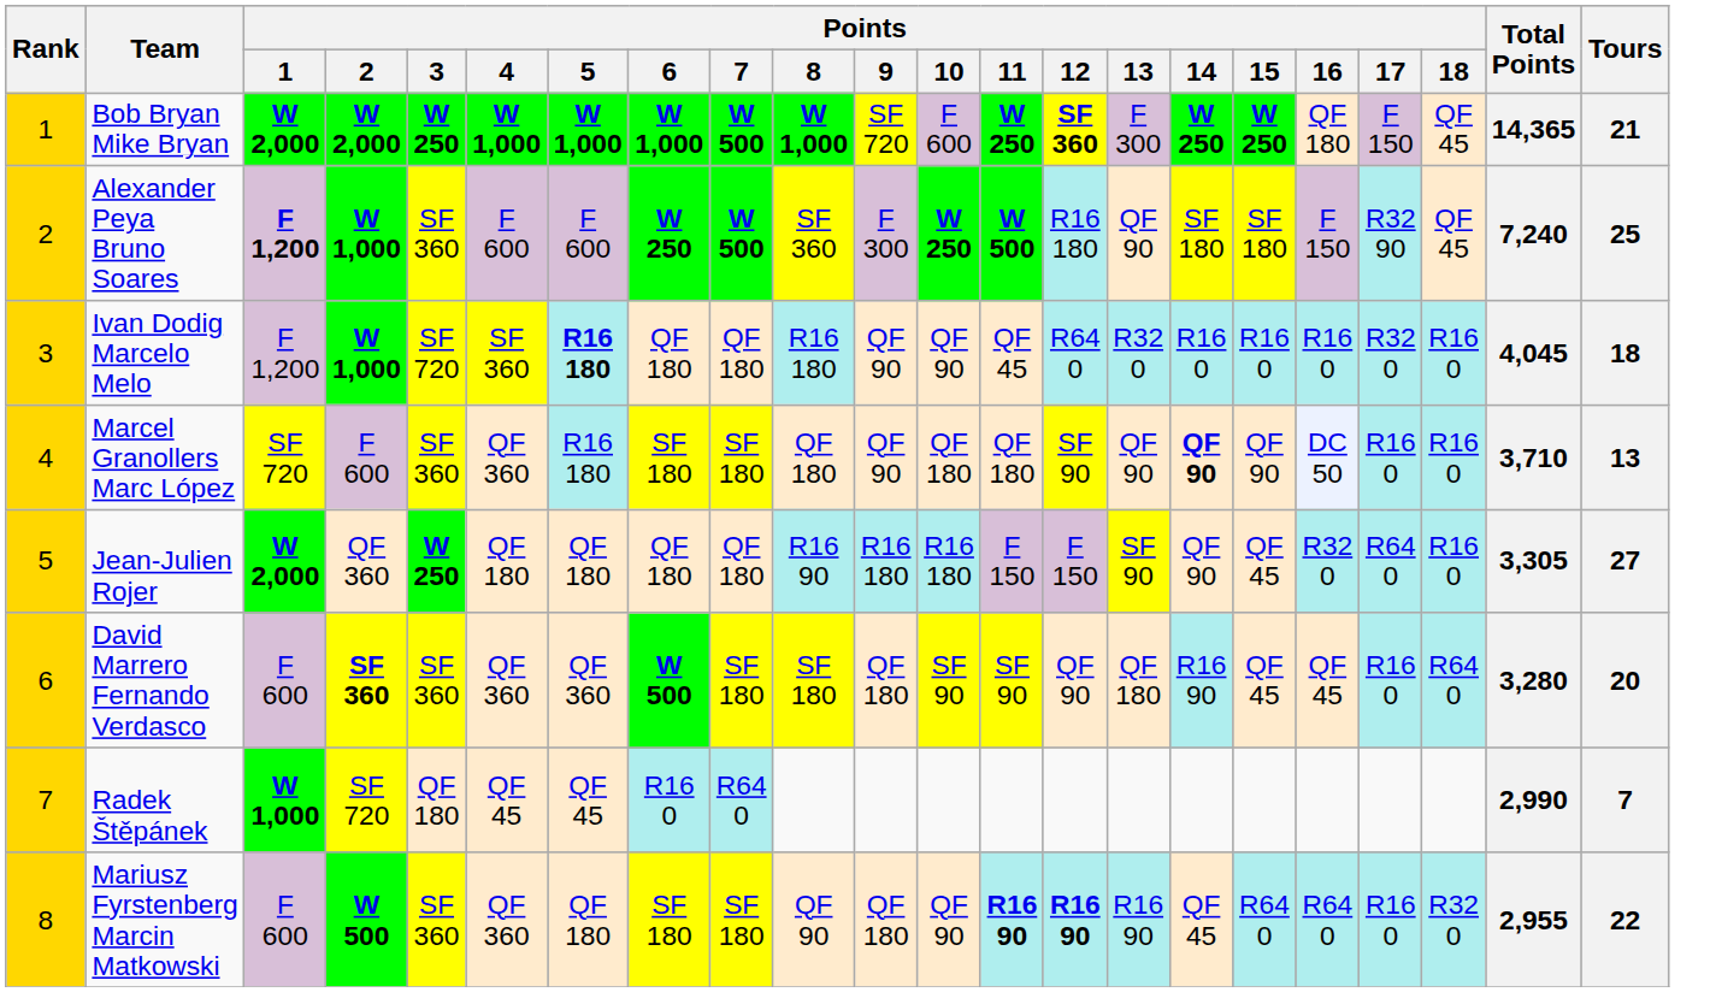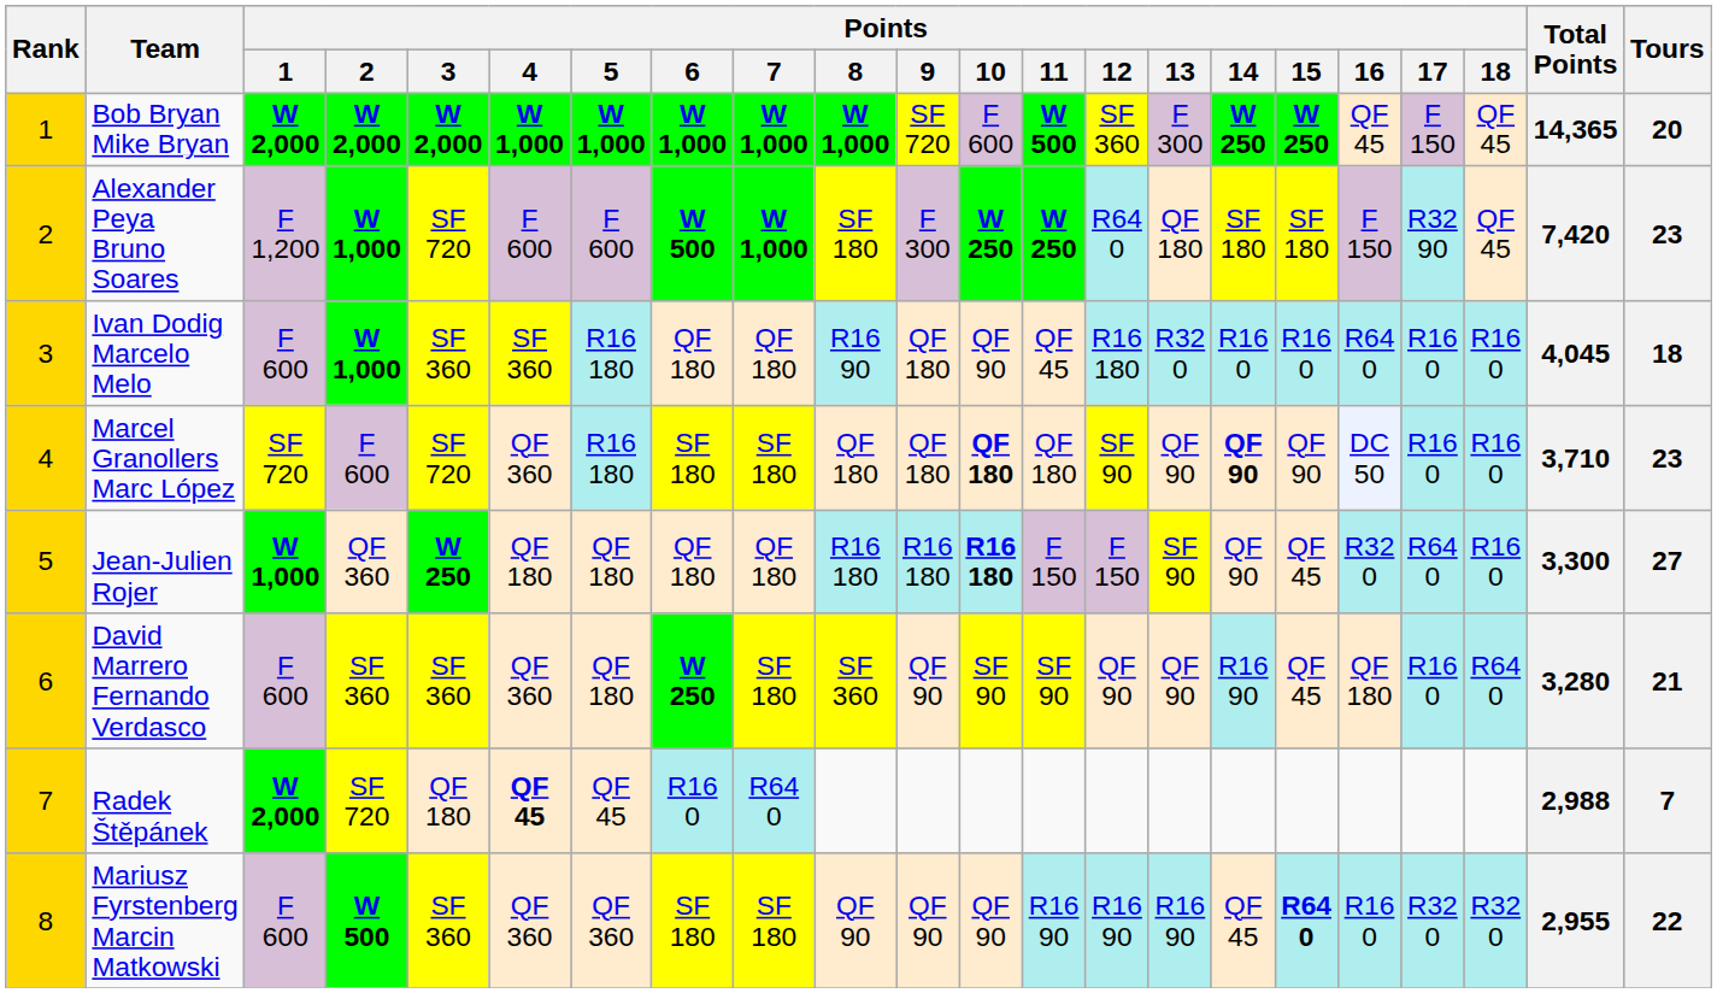 <table class=wikitable style=font-size:90%;text-align:center>
 <tr>
 <th rowspan="2" style="width:20px;">Rank</th>
 <th rowspan="2" style="width:165px;">Team</th>
 <th colspan="18" style="width:50px;">Points</th>
 <th rowspan=2>Total Points</th>
 <th rowspan=2>Tours</th>
 </tr>
 <tr>
 <th width=25>1</th>
 <th width=25>2</th>
 <th width=25>3</th>
 <th width=25>4</th>
 <th width=25>5</th>
 <th width=25>6</th>
 <th width=25>7</th>
 <th width=25>8</th>
 <th width=25>9</th>
 <th width=25>10</th>
 <th width=25>11</th>
 <th width=25>12</th>
 <th width=25>13</th>
 <th width=25>14</th>
 <th width=25>15</th>
 <th width=25>16</th>
 <th width=25>17</th>
 <th width=25>18</th>
 </tr>
 <tr>
 <td bgcolor=gold>1</td>
 <td style="text-align:left;"> <a href='#'>Bob Bryan</a><br> <a href='#'>Mike Bryan</a></td>
 <td bgcolor=lime> <strong><a href='#'>W</a><br>2,000</strong></td>
 <td bgcolor=lime> <strong><a href='#'>W</a><br>2,000</strong></td>
-<td bgcolor=lime> <strong><a href='#'>W</a><br>250</strong></td>
+<td bgcolor=lime> <strong><a href='#'>W</a><br>2,000</strong></td>
 <td bgcolor=lime> <strong><a href='#'>W</a><br>1,000</strong></td>
 <td bgcolor=lime> <strong><a href='#'>W</a><br>1,000</strong></td>
 <td bgcolor=lime> <strong><a href='#'>W</a><br>1,000</strong></td>
-<td bgcolor=lime> <strong><a href='#'>W</a><br>500</strong></td>
+<td bgcolor=lime> <strong><a href='#'>W</a><br>1,000</strong></td>
 <td bgcolor=lime> <strong><a href='#'>W</a><br>1,000</strong></td>
 <td style="background:yellow;"> <a href='#'>SF</a><br>720</td>
 <td style="background:thistle;"> <a href='#'>F</a><br>600</td>
-<td bgcolor=lime> <strong><a href='#'>W</a><br>250</strong></td>
-<td style="background:yellow;"><strong> <a href='#'>SF</a><br>360</strong></td>
+<td bgcolor=lime> <strong><a href='#'>W</a><br>500</strong></td>
+<td style="background:yellow;"> <a href='#'>SF</a><br>360</td>
 <td style="background:thistle;"> <a href='#'>F</a><br>300</td>
 <td bgcolor=lime> <strong><a href='#'>W</a><br>250</strong></td>
 <td bgcolor=lime> <strong><a href='#'>W</a><br>250</strong></td>
-<td style="background:#ffebcd;"> <a href='#'>QF</a><br>180</td>
+<td style="background:#ffebcd;"> <a href='#'>QF</a><br>45</td>
 <td style="background:thistle;"> <a href='#'>F</a><br>150</td>
 <td style="background:#ffebcd;"> <a href='#'>QF</a><br>45</td>
 <th>14,365</th>
-<th>21</th>
+<th>20</th>
 </tr>
 <tr>
 <td bgcolor=gold>2</td>
 <td style="text-align:left;"> <a href='#'>Alexander Peya</a><br> <a href='#'>Bruno Soares</a></td>
-<td style="background:thistle;"><strong> <a href='#'>F</a><br>1,200</strong></td>
+<td style="background:thistle;"> <a href='#'>F</a><br>1,200</td>
 <td bgcolor=lime> <strong><a href='#'>W</a><br>1,000</strong></td>
-<td style="background:yellow;"> <a href='#'>SF</a><br>360</td>
+<td style="background:yellow;"> <a href='#'>SF</a><br>720</td>
 <td style="background:thistle;"> <a href='#'>F</a><br>600</td>
 <td style="background:thistle;"> <a href='#'>F</a><br>600</td>
-<td bgcolor=lime> <strong><a href='#'>W</a><br>250</strong></td>
 <td bgcolor=lime> <strong><a href='#'>W</a><br>500</strong></td>
-<td style="background:yellow;"> <a href='#'>SF</a><br>360</td>
+<td bgcolor=lime> <strong><a href='#'>W</a><br>1,000</strong></td>
+<td style="background:yellow;"> <a href='#'>SF</a><br>180</td>
 <td style="background:thistle;"> <a href='#'>F</a><br>300</td>
 <td bgcolor=lime> <strong><a href='#'>W</a><br>250</strong></td>
-<td bgcolor=lime> <strong><a href='#'>W</a><br>500</strong></td>
-<td style="background:#afeeee;"> <a href='#'>R16</a><br>180</td>
-<td style="background:#ffebcd;"> <a href='#'>QF</a><br>90</td>
+<td bgcolor=lime> <strong><a href='#'>W</a><br>250</strong></td>
+<td style="background:#afeeee;"> <a href='#'>R64</a><br>0</td>
+<td style="background:#ffebcd;"> <a href='#'>QF</a><br>180</td>
 <td style="background:yellow;"> <a href='#'>SF</a><br>180</td>
 <td style="background:yellow;"> <a href='#'>SF</a><br>180</td>
 <td style="background:thistle;"> <a href='#'>F</a><br>150</td>
 <td style="background:#afeeee;"> <a href='#'>R32</a><br>90</td>
 <td style="background:#ffebcd;"> <a href='#'>QF</a><br>45</td>
-<th>7,240</th>
-<th>25</th>
+<th>7,420</th>
+<th>23</th>
 </tr>
 <tr>
 <td bgcolor=gold>3</td>
 <td style="text-align:left;"> <a href='#'>Ivan Dodig</a><br> <a href='#'>Marcelo Melo</a></td>
-<td style="background:thistle;"> <a href='#'>F</a><br>1,200</td>
+<td style="background:thistle;"> <a href='#'>F</a><br>600</td>
 <td bgcolor=lime> <strong><a href='#'>W</a><br>1,000</strong></td>
-<td style="background:yellow;"> <a href='#'>SF</a><br>720</td>
 <td style="background:yellow;"> <a href='#'>SF</a><br>360</td>
-<td style="background:#afeeee;"><strong> <a href='#'>R16</a><br>180</strong></td>
+<td style="background:yellow;"> <a href='#'>SF</a><br>360</td>
+<td style="background:#afeeee;"> <a href='#'>R16</a><br>180</td>
 <td style="background:#ffebcd;"> <a href='#'>QF</a><br>180</td>
 <td style="background:#ffebcd;"> <a href='#'>QF</a><br>180</td>
-<td style="background:#afeeee;"> <a href='#'>R16</a><br>180</td>
-<td style="background:#ffebcd;"> <a href='#'>QF</a><br>90</td>
+<td style="background:#afeeee;"> <a href='#'>R16</a><br>90</td>
+<td style="background:#ffebcd;"> <a href='#'>QF</a><br>180</td>
 <td style="background:#ffebcd;"> <a href='#'>QF</a><br>90</td>
 <td style="background:#ffebcd;"> <a href='#'>QF</a><br>45</td>
-<td style="background:#afeeee;"> <a href='#'>R64</a><br>0</td>
+<td style="background:#afeeee;"> <a href='#'>R16</a><br>180</td>
 <td style="background:#afeeee;"> <a href='#'>R32</a><br>0</td>
 <td style="background:#afeeee;"> <a href='#'>R16</a><br>0</td>
 <td style="background:#afeeee;"> <a href='#'>R16</a><br>0</td>
+<td style="background:#afeeee;"> <a href='#'>R64</a><br>0</td>
 <td style="background:#afeeee;"> <a href='#'>R16</a><br>0</td>
-<td style="background:#afeeee;"> <a href='#'>R32</a><br>0</td>
 <td style="background:#afeeee;"> <a href='#'>R16</a><br>0</td>
 <th>4,045</th>
 <th>18</th>
 </tr>
 <tr>
 <td bgcolor=gold>4</td>
 <td style="text-align:left;"> <a href='#'>Marcel Granollers</a><br> <a href='#'>Marc López</a></td>
 <td style="background:yellow;"> <a href='#'>SF</a><br>720</td>
 <td style="background:thistle;"> <a href='#'>F</a><br>600</td>
-<td style="background:yellow;"> <a href='#'>SF</a><br>360</td>
+<td style="background:yellow;"> <a href='#'>SF</a><br>720</td>
 <td style="background:#ffebcd;"> <a href='#'>QF</a><br>360</td>
 <td style="background:#afeeee;"> <a href='#'>R16</a><br>180</td>
 <td style="background:yellow;"> <a href='#'>SF</a><br>180</td>
 <td style="background:yellow;"> <a href='#'>SF</a><br>180</td>
 <td style="background:#ffebcd;"> <a href='#'>QF</a><br>180</td>
-<td style="background:#ffebcd;"> <a href='#'>QF</a><br>90</td>
 <td style="background:#ffebcd;"> <a href='#'>QF</a><br>180</td>
+<td style="background:#ffebcd;"><strong> <a href='#'>QF</a><br>180</strong></td>
 <td style="background:#ffebcd;"> <a href='#'>QF</a><br>180</td>
 <td style="background:yellow;"> <a href='#'>SF</a><br>90</td>
 <td style="background:#ffebcd;"> <a href='#'>QF</a><br>90</td>
 <td style="background:#ffebcd;"><strong> <a href='#'>QF</a><br>90</strong></td>
 <td style="background:#ffebcd;"> <a href='#'>QF</a><br>90</td>
 <td bgcolor=ECF2FF> <a href='#'>DC</a><br>50</td>
 <td style="background:#afeeee;"> <a href='#'>R16</a><br>0</td>
 <td style="background:#afeeee;"> <a href='#'>R16</a><br>0</td>
 <th>3,710</th>
-<th>13</th>
+<th>23</th>
 </tr>
 <tr>
 <td bgcolor=gold>5</td>
 <td style="text-align:left;"><br> <a href='#'>Jean-Julien Rojer</a></td>
-<td bgcolor=lime> <strong><a href='#'>W</a><br>2,000</strong></td>
+<td bgcolor=lime> <strong><a href='#'>W</a><br>1,000</strong></td>
 <td style="background:#ffebcd;"> <a href='#'>QF</a><br>360</td>
 <td bgcolor=lime> <strong><a href='#'>W</a><br>250</strong></td>
 <td style="background:#ffebcd;"> <a href='#'>QF</a><br>180</td>
 <td style="background:#ffebcd;"> <a href='#'>QF</a><br>180</td>
 <td style="background:#ffebcd;"> <a href='#'>QF</a><br>180</td>
 <td style="background:#ffebcd;"> <a href='#'>QF</a><br>180</td>
-<td style="background:#afeeee;"> <a href='#'>R16</a><br>90</td>
 <td style="background:#afeeee;"> <a href='#'>R16</a><br>180</td>
 <td style="background:#afeeee;"> <a href='#'>R16</a><br>180</td>
+<td style="background:#afeeee;"><strong> <a href='#'>R16</a><br>180</strong></td>
 <td style="background:thistle;"> <a href='#'>F</a><br>150</td>
 <td style="background:thistle;"> <a href='#'>F</a><br>150</td>
 <td style="background:yellow;"> <a href='#'>SF</a><br>90</td>
 <td style="background:#ffebcd;"> <a href='#'>QF</a><br>90</td>
 <td style="background:#ffebcd;"> <a href='#'>QF</a><br>45</td>
 <td style="background:#afeeee;"> <a href='#'>R32</a><br>0</td>
 <td style="background:#afeeee;"> <a href='#'>R64</a><br>0</td>
 <td style="background:#afeeee;"> <a href='#'>R16</a><br>0</td>
-<th>3,305</th>
+<th>3,300</th>
 <th>27</th>
 </tr>
 <tr>
 <td bgcolor=gold>6</td>
 <td style="text-align:left;"> <a href='#'>David Marrero</a><br> <a href='#'>Fernando Verdasco</a></td>
 <td style="background:thistle;"> <a href='#'>F</a><br>600</td>
-<td style="background:yellow;"><strong> <a href='#'>SF</a><br>360</strong></td>
+<td style="background:yellow;"> <a href='#'>SF</a><br>360</td>
 <td style="background:yellow;"> <a href='#'>SF</a><br>360</td>
 <td style="background:#ffebcd;"> <a href='#'>QF</a><br>360</td>
-<td style="background:#ffebcd;"> <a href='#'>QF</a><br>360</td>
-<td bgcolor=lime> <strong><a href='#'>W</a><br>500</strong></td>
+<td style="background:#ffebcd;"> <a href='#'>QF</a><br>180</td>
+<td bgcolor=lime> <strong><a href='#'>W</a><br>250</strong></td>
 <td style="background:yellow;"> <a href='#'>SF</a><br>180</td>
-<td style="background:yellow;"> <a href='#'>SF</a><br>180</td>
-<td style="background:#ffebcd;"> <a href='#'>QF</a><br>180</td>
+<td style="background:yellow;"> <a href='#'>SF</a><br>360</td>
+<td style="background:#ffebcd;"> <a href='#'>QF</a><br>90</td>
 <td style="background:yellow;"> <a href='#'>SF</a><br>90</td>
 <td style="background:yellow;"> <a href='#'>SF</a><br>90</td>
 <td style="background:#ffebcd;"> <a href='#'>QF</a><br>90</td>
-<td style="background:#ffebcd;"> <a href='#'>QF</a><br>180</td>
+<td style="background:#ffebcd;"> <a href='#'>QF</a><br>90</td>
 <td style="background:#afeeee;"> <a href='#'>R16</a><br>90</td>
 <td style="background:#ffebcd;"> <a href='#'>QF</a><br>45</td>
-<td style="background:#ffebcd;"> <a href='#'>QF</a><br>45</td>
+<td style="background:#ffebcd;"> <a href='#'>QF</a><br>180</td>
 <td style="background:#afeeee;"> <a href='#'>R16</a><br>0</td>
 <td style="background:#afeeee;"> <a href='#'>R64</a><br>0</td>
 <th>3,280</th>
-<th>20</th>
+<th>21</th>
 </tr>
 <tr>
 <td bgcolor=gold>7</td>
 <td style="text-align:left;"><br> <a href='#'>Radek Štěpánek</a></td>
-<td bgcolor=lime> <strong><a href='#'>W</a><br>1,000</strong></td>
+<td bgcolor=lime> <strong><a href='#'>W</a><br>2,000</strong></td>
 <td style="background:yellow;"> <a href='#'>SF</a><br>720</td>
 <td style="background:#ffebcd;"> <a href='#'>QF</a><br>180</td>
-<td style="background:#ffebcd;"> <a href='#'>QF</a><br>45</td>
+<td style="background:#ffebcd;"><strong> <a href='#'>QF</a><br>45</strong></td>
 <td style="background:#ffebcd;"> <a href='#'>QF</a><br>45</td>
 <td style="background:#afeeee;"> <a href='#'>R16</a><br>0</td>
 <td style="background:#afeeee;"> <a href='#'>R64</a><br>0</td>
 <td></td>
 <td></td>
 <td></td>
 <td></td>
 <td></td>
 <td></td>
 <td></td>
 <td></td>
 <td></td>
 <td></td>
 <td></td>
-<th>2,990</th>
+<th>2,988</th>
 <th>7</th>
 </tr>
 <tr>
 <td bgcolor=gold>8</td>
 <td style="text-align:left;"> <a href='#'>Mariusz Fyrstenberg</a><br> <a href='#'>Marcin Matkowski</a></td>
 <td style="background:thistle;"> <a href='#'>F</a><br>600</td>
 <td bgcolor=lime> <strong><a href='#'>W</a><br>500</strong></td>
 <td style="background:yellow;"> <a href='#'>SF</a><br>360</td>
 <td style="background:#ffebcd;"> <a href='#'>QF</a><br>360</td>
-<td style="background:#ffebcd;"> <a href='#'>QF</a><br>180</td>
+<td style="background:#ffebcd;"> <a href='#'>QF</a><br>360</td>
 <td style="background:yellow;"> <a href='#'>SF</a><br>180</td>
 <td style="background:yellow;"> <a href='#'>SF</a><br>180</td>
 <td style="background:#ffebcd;"> <a href='#'>QF</a><br>90</td>
-<td style="background:#ffebcd;"> <a href='#'>QF</a><br>180</td>
 <td style="background:#ffebcd;"> <a href='#'>QF</a><br>90</td>
-<td style="background:#afeeee;"><strong> <a href='#'>R16</a><br>90</strong></td>
-<td style="background:#afeeee;"><strong> <a href='#'>R16</a><br>90</strong></td>
+<td style="background:#ffebcd;"> <a href='#'>QF</a><br>90</td>
+<td style="background:#afeeee;"> <a href='#'>R16</a><br>90</td>
+<td style="background:#afeeee;"> <a href='#'>R16</a><br>90</td>
 <td style="background:#afeeee;"> <a href='#'>R16</a><br>90</td>
 <td style="background:#ffebcd;"> <a href='#'>QF</a><br>45</td>
-<td style="background:#afeeee;"> <a href='#'>R64</a><br>0</td>
-<td style="background:#afeeee;"> <a href='#'>R64</a><br>0</td>
+<td style="background:#afeeee;"><strong> <a href='#'>R64</a><br>0</strong></td>
 <td style="background:#afeeee;"> <a href='#'>R16</a><br>0</td>
+<td style="background:#afeeee;"> <a href='#'>R32</a><br>0</td>
 <td style="background:#afeeee;"> <a href='#'>R32</a><br>0</td>
 <th>2,955</th>
 <th>22</th>
 </tr>
 </table>
